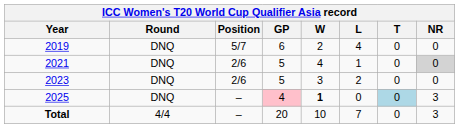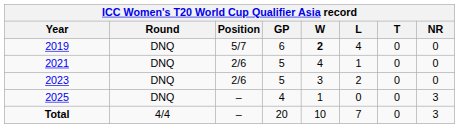 <table class="wikitable" style="text-align: center; width=900px;">
 <tr>
 <th colspan=9><a href='#'>ICC Women's T20 World Cup Qualifier Asia</a> record</th>
 </tr>
 <tr>
 <th width=150>Year</th>
 <th width=150>Round</th>
 <th width=50>Position</th>
 <th width=50>GP</th>
 <th width=50>W</th>
 <th width=50>L</th>
 <th width=50>T</th>
 <th width=50>NR</th>
 </tr>
 <tr>
 <td> <a href='#'>2019</a></td>
 <td>DNQ</td>
 <td>5/7</td>
 <td>6</td>
-<td>2</td>
+<td><strong>2</strong></td>
 <td>4</td>
 <td>0</td>
 <td>0</td>
 </tr>
 <tr>
 <td> <a href='#'>2021</a></td>
 <td>DNQ</td>
 <td>2/6</td>
 <td>5</td>
 <td>4</td>
 <td>1</td>
 <td>0</td>
-<td style="background: lightgrey;">0</td>
+<td>0</td>
 </tr>
 <tr>
 <td> <a href='#'>2023</a></td>
 <td>DNQ</td>
 <td>2/6</td>
 <td>5</td>
 <td>3</td>
 <td>2</td>
 <td>0</td>
 <td>0</td>
 </tr>
 <tr>
 <td> <a href='#'>2025</a></td>
 <td>DNQ</td>
 <td>–</td>
-<td style="background: pink;">4</td>
-<td><strong>1</strong></td>
+<td>4</td>
+<td>1</td>
 <td>0</td>
-<td style="background: lightblue;">0</td>
+<td>0</td>
 <td>3</td>
 </tr>
 <tr>
 <td><strong>Total</strong></td>
 <td>4/4</td>
 <td>–</td>
 <td>20</td>
 <td>10</td>
 <td>7</td>
 <td>0</td>
 <td>3</td>
 </tr>
 </table>
